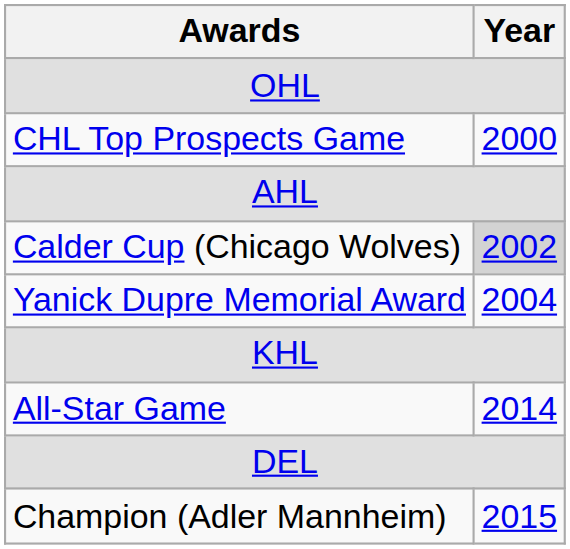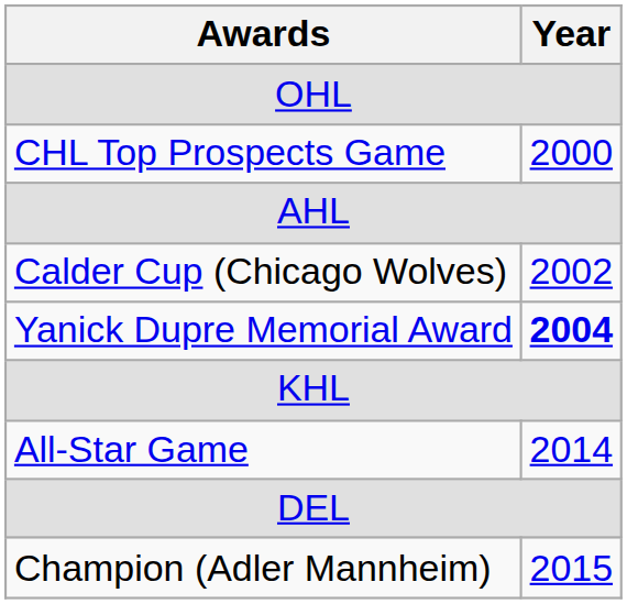 <table class="wikitable">
 <tr>
 <th>Awards</th>
 <th>Year</th>
 </tr>
 <tr ALIGN="center" bgcolor="#e0e0e0">
 <td colspan="3"><a href='#'>OHL</a></td>
 </tr>
 <tr>
 <td><a href='#'>CHL Top Prospects Game</a></td>
 <td><a href='#'>2000</a></td>
 </tr>
 <tr ALIGN="center" bgcolor="#e0e0e0">
 <td colspan="3"><a href='#'>AHL</a></td>
 </tr>
 <tr>
 <td><a href='#'>Calder Cup</a> (Chicago Wolves)</td>
-<td style="background: lightgrey;"><a href='#'>2002</a></td>
+<td><a href='#'>2002</a></td>
 </tr>
 <tr>
 <td><a href='#'>Yanick Dupre Memorial Award</a></td>
-<td><a href='#'>2004</a></td>
+<td><strong><a href='#'>2004</a></strong></td>
 </tr>
 <tr ALIGN="center" bgcolor="#e0e0e0">
 <td colspan="3"><a href='#'>KHL</a></td>
 </tr>
 <tr>
 <td><a href='#'>All-Star Game</a></td>
 <td><a href='#'>2014</a></td>
 </tr>
 <tr ALIGN="center" bgcolor="#e0e0e0">
 <td colspan="3"><a href='#'>DEL</a></td>
 </tr>
 <tr>
 <td>Champion (Adler Mannheim)</td>
 <td><a href='#'>2015</a></td>
 </tr>
 </table>
